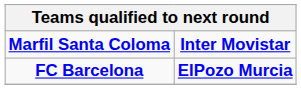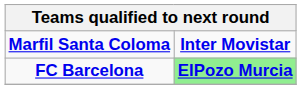 <table class="wikitable" style="text-align: center; margin: 0 auto;">
 <tr>
 <th colspan=4>Teams qualified to next round</th>
 </tr>
 <tr>
 <td><strong><a href='#'>Marfil Santa Coloma</a></strong></td>
 <td><strong><a href='#'>Inter Movistar</a></strong></td>
 </tr>
 <tr>
 <td><strong><a href='#'>FC Barcelona</a></strong></td>
-<td><strong><a href='#'>ElPozo Murcia</a></strong></td>
+<td style="background: lightgreen;"><strong><a href='#'>ElPozo Murcia</a></strong></td>
 </tr>
 <tr>
 </tr>
 </table>
